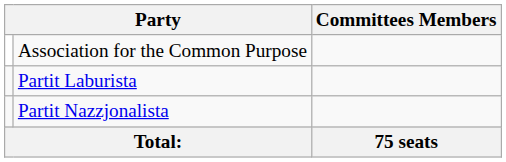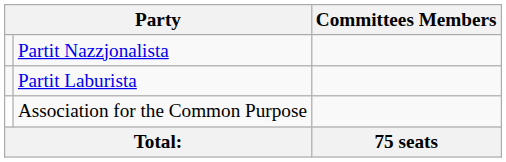 <table class="wikitable">
 <tr>
 <th colspan="2">Party</th>
 <th>Committees Members</th>
 </tr>
 <tr>
-<td style="background-color:white"></td>
-<td>Association for the Common Purpose</td>
+<td style="background-color:"></td>
+<td><a href='#'>Partit Nazzjonalista</a></td>
 <td></td>
 </tr>
 <tr>
 <td style="background-color:"></td>
 <td><a href='#'>Partit Laburista</a></td>
 <td></td>
 </tr>
 <tr>
-<td style="background-color:"></td>
-<td><a href='#'>Partit Nazzjonalista</a></td>
+<td style="background-color:white"></td>
+<td>Association for the Common Purpose</td>
 <td></td>
 </tr>
 <tr>
 <th colspan="2">Total:</th>
 <th>75 seats</th>
 </tr>
 </table>
